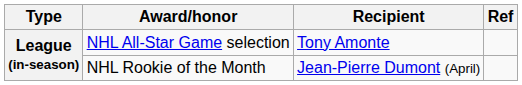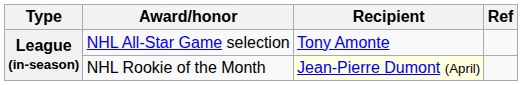 <table class="wikitable">
 <tr>
 <th scope="col">Type</th>
 <th scope="col">Award/honor</th>
 <th scope="col">Recipient</th>
 <th scope="col">Ref</th>
 </tr>
 <tr>
 <th scope="row" rowspan=2>League<br><small>(in-season)</small></th>
 <td><a href='#'>NHL All-Star Game</a> selection</td>
 <td><a href='#'>Tony Amonte</a></td>
 <td></td>
 </tr>
 <tr>
 <td>NHL Rookie of the Month</td>
-<td><a href='#'>Jean-Pierre Dumont</a> <small>(April)</small></td>
+<td style="background: lightyellow;"><a href='#'>Jean-Pierre Dumont</a> <small>(April)</small></td>
 <td></td>
 </tr>
 </table>
